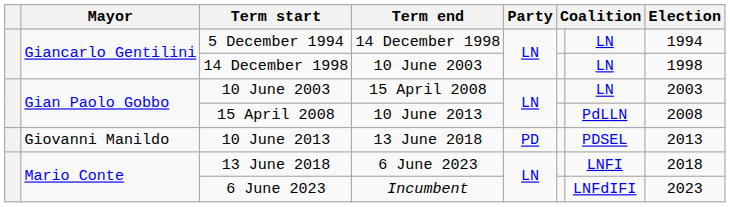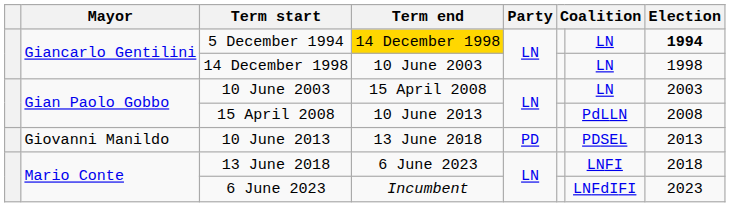 <table class="wikitable">
 <tr>
 <th class=unsortable> </th>
 <th>Mayor</th>
 <th>Term start</th>
 <th>Term end</th>
 <th>Party</th>
 <th colspan="2">Coalition</th>
 <th>Election</th>
 </tr>
 <tr>
 <th rowspan=2 style="background:"></th>
 <td rowspan=2><a href='#'>Giancarlo Gentilini</a></td>
 <td align=center>5 December 1994</td>
-<td align=center>14 December 1998</td>
+<td align=center style="background: gold;">14 December 1998</td>
 <td rowspan=2 align=center><a href='#'>LN</a></td>
 <td style="background: "></td>
 <td align=center><a href='#'>LN</a></td>
-<td align=center>1994</td>
+<td align=center><strong>1994</strong></td>
 </tr>
 <tr>
 <td align=center>14 December 1998</td>
 <td align=center>10 June 2003</td>
 <td style="background: "></td>
 <td align=center><a href='#'>LN</a></td>
 <td align=center>1998</td>
 </tr>
 <tr>
 <th rowspan=2 style="background:"></th>
 <td rowspan=2><a href='#'>Gian Paolo Gobbo</a></td>
 <td align=center>10 June 2003</td>
 <td align=center>15 April 2008</td>
 <td rowspan=2 align=center><a href='#'>LN</a></td>
 <td style="background: "></td>
 <td align=center><a href='#'>LN</a></td>
 <td align=center>2003</td>
 </tr>
 <tr>
 <td align=center>15 April 2008</td>
 <td align=center>10 June 2013</td>
 <td style="background: "></td>
 <td align=center><a href='#'>PdL</a><a href='#'>LN</a></td>
 <td align=center>2008</td>
 </tr>
 <tr>
 <th style="background:"></th>
 <td>Giovanni Manildo</td>
 <td align=center>10 June 2013</td>
 <td align=center>13 June 2018</td>
 <td align=center><a href='#'>PD</a></td>
 <td style="background: "></td>
 <td align=center><a href='#'>PD</a><a href='#'>SEL</a></td>
 <td align=center>2013</td>
 </tr>
 <tr>
 <th rowspan=2 style="background:"></th>
 <td rowspan=2><a href='#'>Mario Conte</a></td>
 <td align=center>13 June 2018</td>
 <td align=center>6 June 2023</td>
 <td rowspan=2 align=center><a href='#'>LN</a></td>
 <td style="background: "></td>
 <td align=center><a href='#'>LN</a><a href='#'>FI</a></td>
 <td align=center>2018</td>
 </tr>
 <tr>
 <td align=center>6 June 2023</td>
 <td align=center><em>Incumbent</em></td>
 <td style="background: "></td>
 <td align=center><a href='#'>LN</a><a href='#'>FdI</a><a href='#'>FI</a></td>
 <td align=center>2023</td>
 </tr>
 </table>
